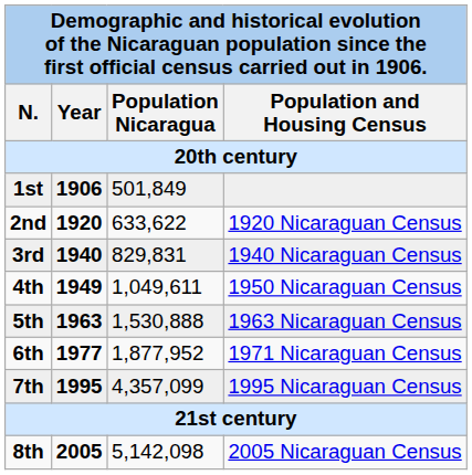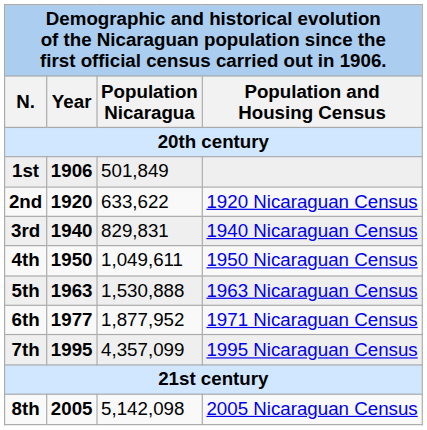 <table class="wikitable">
 <tr>
 <th colspan= "4" style="text-align:center; background:#abcdef;">Demographic and historical evolution <br>of the Nicaraguan population since the <br> first official census carried out in 1906.</th>
 </tr>
 <tr>
 <th>N.</th>
 <th>Year</th>
 <th>Population<br>Nicaragua</th>
 <th>Population and <br> Housing Census</th>
 </tr>
 <tr align="center">
 <td colspan="4" style="background:#D0E7FF"><strong>20th century</strong></td>
 </tr>
 <tr align="center" style="background:#efefef; color:black">
 <td><strong>1st</strong></td>
 <td><strong>1906</strong></td>
 <td align="left">  501,849</td>
 <td></td>
 </tr>
 <tr align="center">
 <td><strong>2nd</strong></td>
 <td><strong>1920</strong></td>
 <td align="left"> 633,622</td>
 <td><a href='#'>1920 Nicaraguan Census</a></td>
 </tr>
 <tr align="center" style="background:#efefef; color:black">
 <td><strong>3rd</strong></td>
 <td><strong>1940</strong></td>
 <td align="left"> 829,831</td>
 <td><a href='#'>1940 Nicaraguan Census</a></td>
 </tr>
 <tr align="center">
 <td><strong>4th</strong></td>
-<td><strong>1949</strong></td>
+<td><strong>1950</strong></td>
 <td align="left">  1,049,611</td>
 <td><a href='#'>1950 Nicaraguan Census</a></td>
 </tr>
 <tr align="center" style="background:#efefef; color:black">
 <td><strong>5th</strong></td>
 <td><strong>1963</strong></td>
 <td align="left"> 1,530,888</td>
 <td><a href='#'>1963 Nicaraguan Census</a></td>
 </tr>
 <tr align="center">
 <td><strong>6th</strong></td>
 <td><strong>1977</strong></td>
 <td align="left"> 1,877,952</td>
 <td><a href='#'>1971 Nicaraguan Census</a></td>
 </tr>
 <tr align="center" style="background:#efefef; color:black">
 <td><strong>7th</strong></td>
 <td><strong>1995</strong></td>
 <td align="left"> 4,357,099</td>
 <td><a href='#'>1995 Nicaraguan Census</a></td>
 </tr>
 <tr align="center">
 <td colspan="4" style="background:#D0E7FF"><strong>21st century</strong></td>
 </tr>
 <tr align="center">
 <td><strong>8th</strong></td>
 <td><strong>2005</strong></td>
 <td align="left"> 5,142,098</td>
 <td><a href='#'>2005 Nicaraguan Census</a></td>
 </tr>
 </table>
